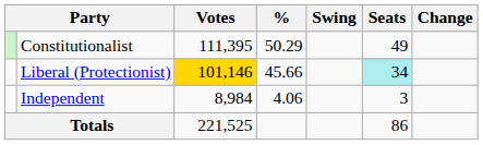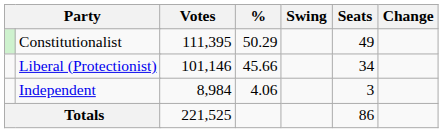 <table class="wikitable" style="text-align:right; margin-bottom:0">
 <tr>
 <th style="width:10px;" colspan=3>Party</th>
 <th style="width:70px;">Votes</th>
 <th style="width:40px;">%</th>
 <th style="width:40px;">Swing</th>
 <th style="width:40px;">Seats</th>
 <th style="width:40px;">Change</th>
 </tr>
 <tr>
 <td style="text-align:left;background:#CEF2CE"> </td>
 <td style="text-align:left;" colspan="2">Constitutionalist</td>
 <td style="width:70px;">111,395</td>
 <td style="width:40px;">50.29</td>
 <td style="width:45px;"></td>
 <td style="width:40px;">49</td>
 <td style="width:55px;"></td>
 </tr>
 <tr>
 <td> </td>
 <td style="text-align:left;" colspan="2"><a href='#'>Liberal (Protectionist)</a></td>
-<td style="background: gold; width:70px;">101,146</td>
+<td style="width:70px;">101,146</td>
 <td style="width:40px;">45.66</td>
 <td style="width:45px;"></td>
-<td style="background: paleturquoise; width:40px;">34</td>
+<td style="width:40px;">34</td>
 <td style="width:55px;"></td>
 </tr>
 <tr>
 <td> </td>
 <td style="text-align:left;" colspan="2"><a href='#'>Independent</a></td>
 <td style="width:70px;">8,984</td>
 <td style="width:40px;">4.06</td>
 <td style="width:45px;"></td>
 <td style="width:40px;">3</td>
 <td style="width:55px;"></td>
 </tr>
 <tr>
 <th colspan="3"> Totals</th>
 <td>221,525</td>
 <td></td>
 <td></td>
 <td>86</td>
 <td></td>
 </tr>
 </table>
